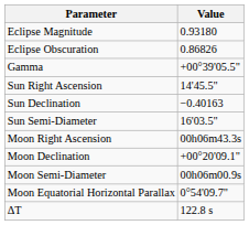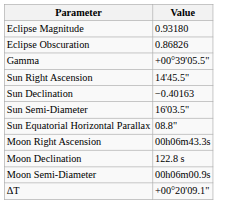 <table class="wikitable">
 <tr>
 <th>Parameter</th>
 <th>Value</th>
 </tr>
 <tr>
 <td>Eclipse Magnitude</td>
 <td>0.93180</td>
 </tr>
 <tr>
 <td>Eclipse Obscuration</td>
 <td>0.86826</td>
 </tr>
 <tr>
 <td>Gamma</td>
 <td>+00°39'05.5"</td>
 </tr>
 <tr>
 <td>Sun Right Ascension</td>
 <td>14'45.5"</td>
 </tr>
 <tr>
 <td>Sun Declination</td>
 <td>−0.40163</td>
 </tr>
 <tr>
 <td>Sun Semi-Diameter</td>
 <td>16'03.5"</td>
 </tr>
 <tr>
+<td>Sun Equatorial Horizontal Parallax</td>
+<td>08.8"</td>
+</tr>
+<tr>
 <td>Moon Right Ascension</td>
 <td>00h06m43.3s</td>
 </tr>
 <tr>
 <td>Moon Declination</td>
-<td>+00°20'09.1"</td>
+<td>122.8 s</td>
 </tr>
 <tr>
 <td>Moon Semi-Diameter</td>
 <td>00h06m00.9s</td>
 </tr>
 <tr>
-<td>Moon Equatorial Horizontal Parallax</td>
-<td>0°54'09.7"</td>
-</tr>
-<tr>
 <td>ΔT</td>
-<td>122.8 s</td>
+<td>+00°20'09.1"</td>
 </tr>
 </table>
